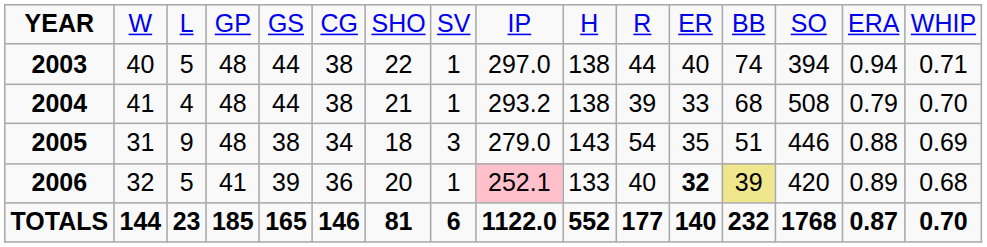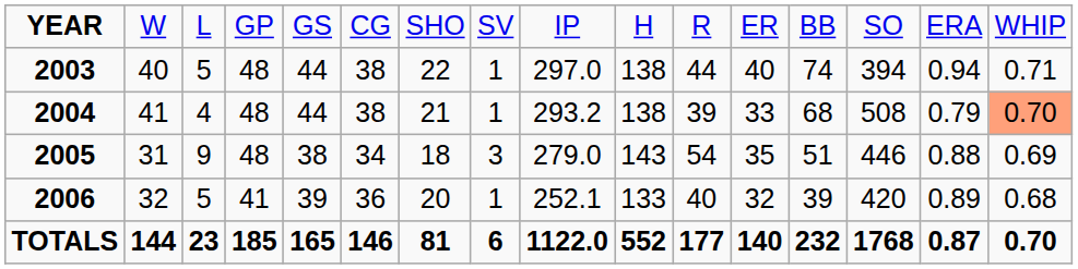 <table class="wikitable">
 <tr align=center>
 <td><strong>YEAR</strong></td>
 <td><a href='#'>W</a></td>
 <td><a href='#'>L</a></td>
 <td><a href='#'>GP</a></td>
 <td><a href='#'>GS</a></td>
 <td><a href='#'>CG</a></td>
 <td><a href='#'>SHO</a></td>
 <td><a href='#'>SV</a></td>
 <td><a href='#'>IP</a></td>
 <td><a href='#'>H</a></td>
 <td><a href='#'>R</a></td>
 <td><a href='#'>ER</a></td>
 <td><a href='#'>BB</a></td>
 <td><a href='#'>SO</a></td>
 <td><a href='#'>ERA</a></td>
 <td><a href='#'>WHIP</a></td>
 </tr>
 <tr align=center>
 <td><strong>2003</strong></td>
 <td>40</td>
 <td>5</td>
 <td>48</td>
 <td>44</td>
 <td>38</td>
 <td>22</td>
 <td>1</td>
 <td>297.0</td>
 <td>138</td>
 <td>44</td>
 <td>40</td>
 <td>74</td>
 <td>394</td>
 <td>0.94</td>
 <td>0.71</td>
 </tr>
 <tr align=center>
 <td><strong>2004</strong></td>
 <td>41</td>
 <td>4</td>
 <td>48</td>
 <td>44</td>
 <td>38</td>
 <td>21</td>
 <td>1</td>
 <td>293.2</td>
 <td>138</td>
 <td>39</td>
 <td>33</td>
 <td>68</td>
 <td>508</td>
 <td>0.79</td>
-<td>0.70</td>
+<td style="background: lightsalmon;">0.70</td>
 </tr>
 <tr align=center>
 <td><strong>2005</strong></td>
 <td>31</td>
 <td>9</td>
 <td>48</td>
 <td>38</td>
 <td>34</td>
 <td>18</td>
 <td>3</td>
 <td>279.0</td>
 <td>143</td>
 <td>54</td>
 <td>35</td>
 <td>51</td>
 <td>446</td>
 <td>0.88</td>
 <td>0.69</td>
 </tr>
 <tr align=center>
 <td><strong>2006</strong></td>
 <td>32</td>
 <td>5</td>
 <td>41</td>
 <td>39</td>
 <td>36</td>
 <td>20</td>
 <td>1</td>
-<td style="background: pink;">252.1</td>
+<td>252.1</td>
 <td>133</td>
 <td>40</td>
-<td><strong>32</strong></td>
-<td style="background: khaki;">39</td>
+<td>32</td>
+<td>39</td>
 <td>420</td>
 <td>0.89</td>
 <td>0.68</td>
 </tr>
 <tr align=center>
 <td><strong>TOTALS</strong></td>
 <td><strong>144</strong></td>
 <td><strong>23</strong></td>
 <td><strong>185</strong></td>
 <td><strong>165</strong></td>
 <td><strong>146</strong></td>
 <td><strong>81</strong></td>
 <td><strong>6</strong></td>
 <td><strong>1122.0</strong></td>
 <td><strong>552</strong></td>
 <td><strong>177</strong></td>
 <td><strong>140</strong></td>
 <td><strong>232</strong></td>
 <td><strong>1768</strong></td>
 <td><strong>0.87</strong></td>
 <td><strong>0.70</strong></td>
 </tr>
 </table>
